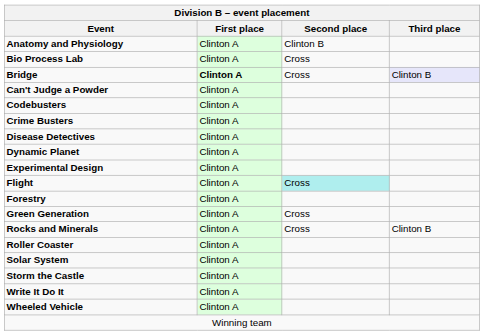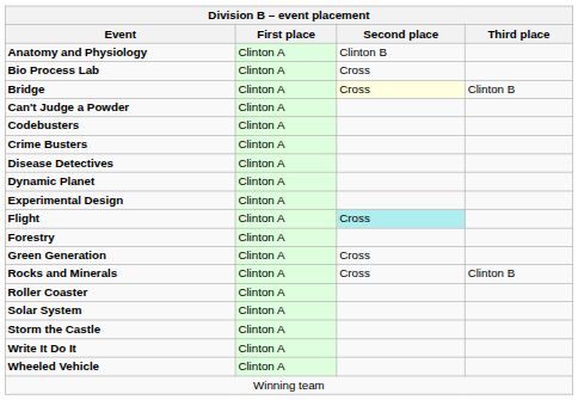 <table class="wikitable collapsible collapsed" style="float:left; width:780px">
 <tr>
 <th colspan=4>Division B – event placement</th>
 </tr>
 <tr>
 <th>Event</th>
 <th>First place</th>
 <th>Second place</th>
 <th>Third place</th>
 </tr>
 <tr>
 <td><strong>Anatomy and Physiology</strong></td>
 <td style="background:#ddffdd">Clinton A</td>
 <td>Clinton B</td>
 <td></td>
 </tr>
 <tr>
 <td><strong>Bio Process Lab</strong></td>
 <td style="background:#ddffdd">Clinton A</td>
 <td>Cross</td>
 <td></td>
 </tr>
 <tr>
 <td><strong>Bridge</strong></td>
-<td style="background:#ddffdd"><strong>Clinton A</strong></td>
-<td>Cross</td>
-<td style="background: lavender;">Clinton B</td>
+<td style="background:#ddffdd">Clinton A</td>
+<td style="background: lightyellow;">Cross</td>
+<td>Clinton B</td>
 </tr>
 <tr>
 <td><strong>Can't Judge a Powder</strong></td>
 <td style="background:#ddffdd">Clinton A</td>
 <td></td>
 <td></td>
 </tr>
 <tr>
 <td><strong>Codebusters</strong></td>
 <td style="background:#ddffdd">Clinton A</td>
 <td></td>
 <td></td>
 </tr>
 <tr>
 <td><strong>Crime Busters</strong></td>
 <td style="background:#ddffdd">Clinton A</td>
 <td></td>
 <td></td>
 </tr>
 <tr>
 <td><strong>Disease Detectives</strong></td>
 <td style="background:#ddffdd">Clinton A</td>
 <td></td>
 <td></td>
 </tr>
 <tr>
 <td><strong>Dynamic Planet</strong></td>
 <td style="background:#ddffdd">Clinton A</td>
 <td></td>
 <td></td>
 </tr>
 <tr>
 <td><strong>Experimental Design</strong></td>
 <td style="background:#ddffdd">Clinton A</td>
 <td></td>
 <td></td>
 </tr>
 <tr>
 <td><strong>Flight</strong></td>
 <td style="background:#ddffdd">Clinton A</td>
 <td style="background: paleturquoise;">Cross</td>
 <td></td>
 </tr>
 <tr>
 <td><strong>Forestry</strong></td>
 <td style="background:#ddffdd">Clinton A</td>
 <td></td>
 <td></td>
 </tr>
 <tr>
 <td><strong>Green Generation</strong></td>
 <td style="background:#ddffdd">Clinton A</td>
 <td>Cross</td>
 <td></td>
 </tr>
 <tr>
 <td><strong>Rocks and Minerals</strong></td>
 <td style="background:#ddffdd">Clinton A</td>
 <td>Cross</td>
 <td>Clinton B</td>
 </tr>
 <tr>
 <td><strong>Roller Coaster</strong></td>
 <td style="background:#ddffdd">Clinton A</td>
 <td></td>
 <td></td>
 </tr>
 <tr>
 <td><strong>Solar System</strong></td>
 <td style="background:#ddffdd">Clinton A</td>
 <td></td>
 <td></td>
 </tr>
 <tr>
 <td><strong>Storm the Castle</strong></td>
 <td style="background:#ddffdd">Clinton A</td>
 <td></td>
 <td></td>
 </tr>
 <tr>
 <td><strong>Write It Do It</strong></td>
 <td style="background:#ddffdd">Clinton A</td>
 <td></td>
 <td></td>
 </tr>
 <tr>
 <td><strong>Wheeled Vehicle</strong></td>
 <td style="background:#ddffdd">Clinton A</td>
 <td></td>
 <td></td>
 </tr>
 <tr>
 <td colspan=5 style=text-align:center> Winning team</td>
 </tr>
 </table>
